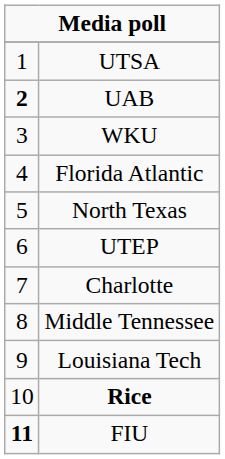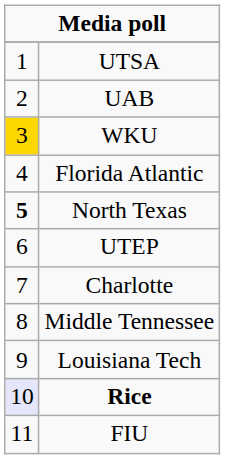 <table class="wikitable" style="display: inline-table;">
 <tr>
 <td align="center" Colspan="3"><strong>Media poll</strong></td>
 </tr>
 <tr align="center">
 </tr>
 <tr align="center">
 <td>1</td>
 <td>UTSA</td>
 </tr>
 <tr align="center">
-<td><strong>2</strong></td>
+<td>2</td>
 <td>UAB</td>
 </tr>
 <tr align="center">
-<td>3</td>
+<td style="background: gold;">3</td>
 <td>WKU</td>
 </tr>
 <tr align="center">
 <td>4</td>
 <td>Florida Atlantic</td>
 </tr>
 <tr align="center">
-<td>5</td>
+<td><strong>5</strong></td>
 <td>North Texas</td>
 </tr>
 <tr align="center">
 <td>6</td>
 <td>UTEP</td>
 </tr>
 <tr align="center">
 <td>7</td>
 <td>Charlotte</td>
 </tr>
 <tr align="center">
 <td>8</td>
 <td>Middle Tennessee</td>
 </tr>
 <tr align="center">
 <td>9</td>
 <td>Louisiana Tech</td>
 </tr>
 <tr align="center">
-<td>10</td>
+<td style="background: lavender;">10</td>
 <td><strong>Rice</strong></td>
 </tr>
 <tr align="center">
-<td><strong>11</strong></td>
+<td>11</td>
 <td>FIU</td>
 </tr>
 </table>
